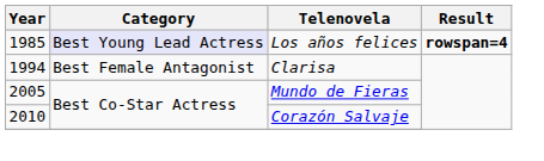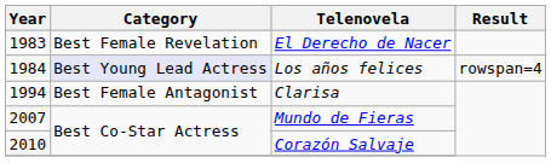 <table class="wikitable">
 <tr style="background:#b0c4de;">
 <th>Year</th>
 <th>Category</th>
 <th>Telenovela</th>
 <th>Result</th>
 </tr>
 <tr>
-<td>1985</td>
+<td>1983</td>
+<td>Best Female Revelation</td>
+<td><em><a href='#'>El Derecho de Nacer</a></em></td>
+<td></td>
+</tr>
+<tr>
+<td>1984</td>
 <td style="background: lavender;">Best Young Lead Actress</td>
 <td><em>Los años felices</em></td>
-<td><strong>rowspan=4 </strong></td>
+<td>rowspan=4 </td>
 </tr>
 <tr>
 <td>1994</td>
 <td>Best Female Antagonist</td>
 <td><em>Clarisa</em></td>
 </tr>
 <tr>
-<td>2005</td>
+<td>2007</td>
 <td rowspan=2>Best Co-Star Actress</td>
 <td><em><a href='#'>Mundo de Fieras</a></em></td>
 </tr>
 <tr>
 <td>2010</td>
 <td><em><a href='#'>Corazón Salvaje</a></em></td>
 </tr>
 <tr>
 </tr>
 </table>
